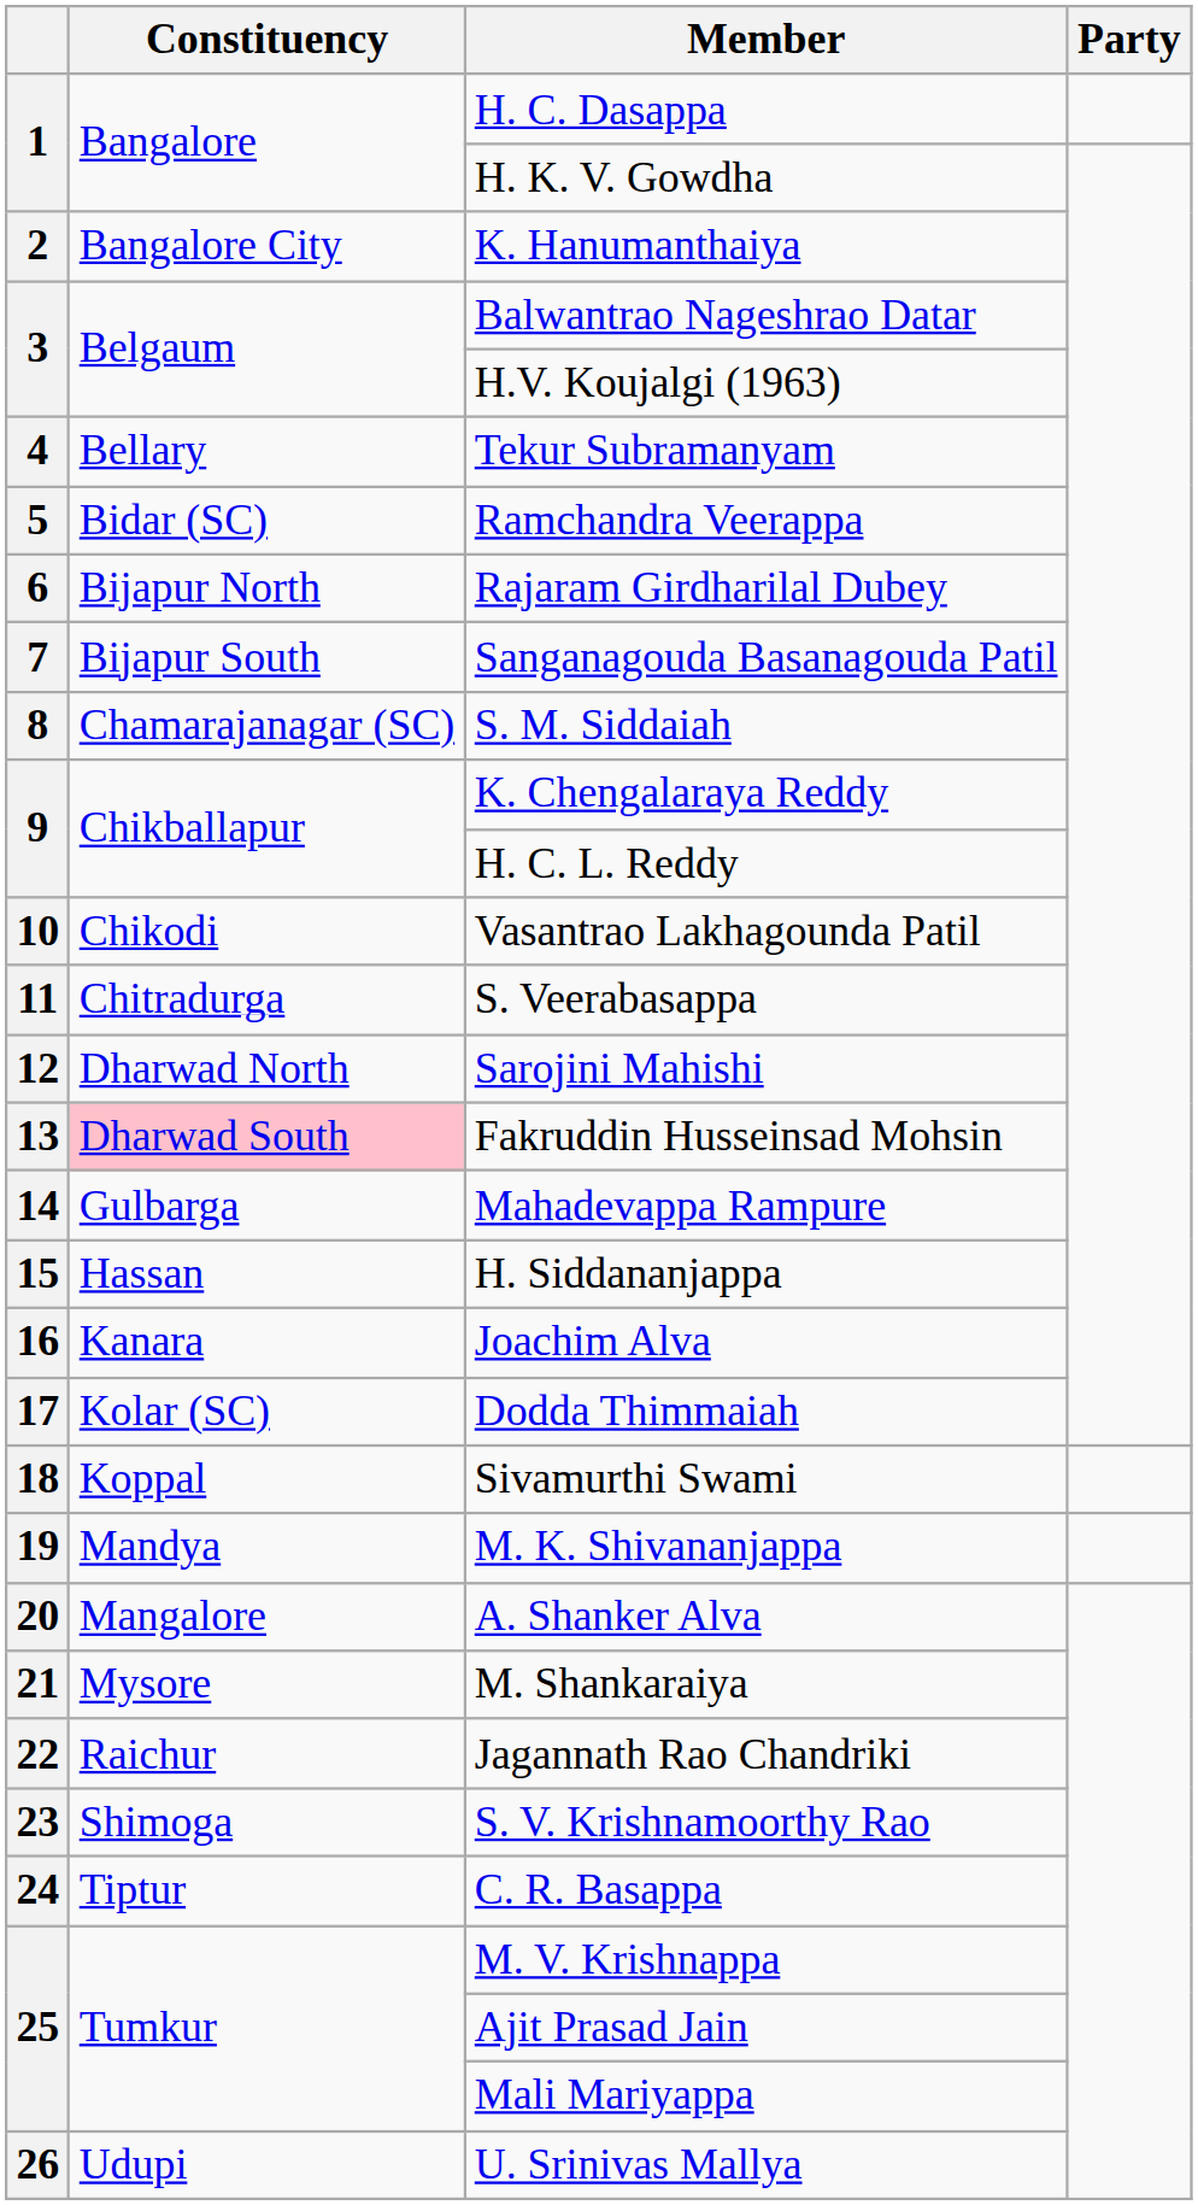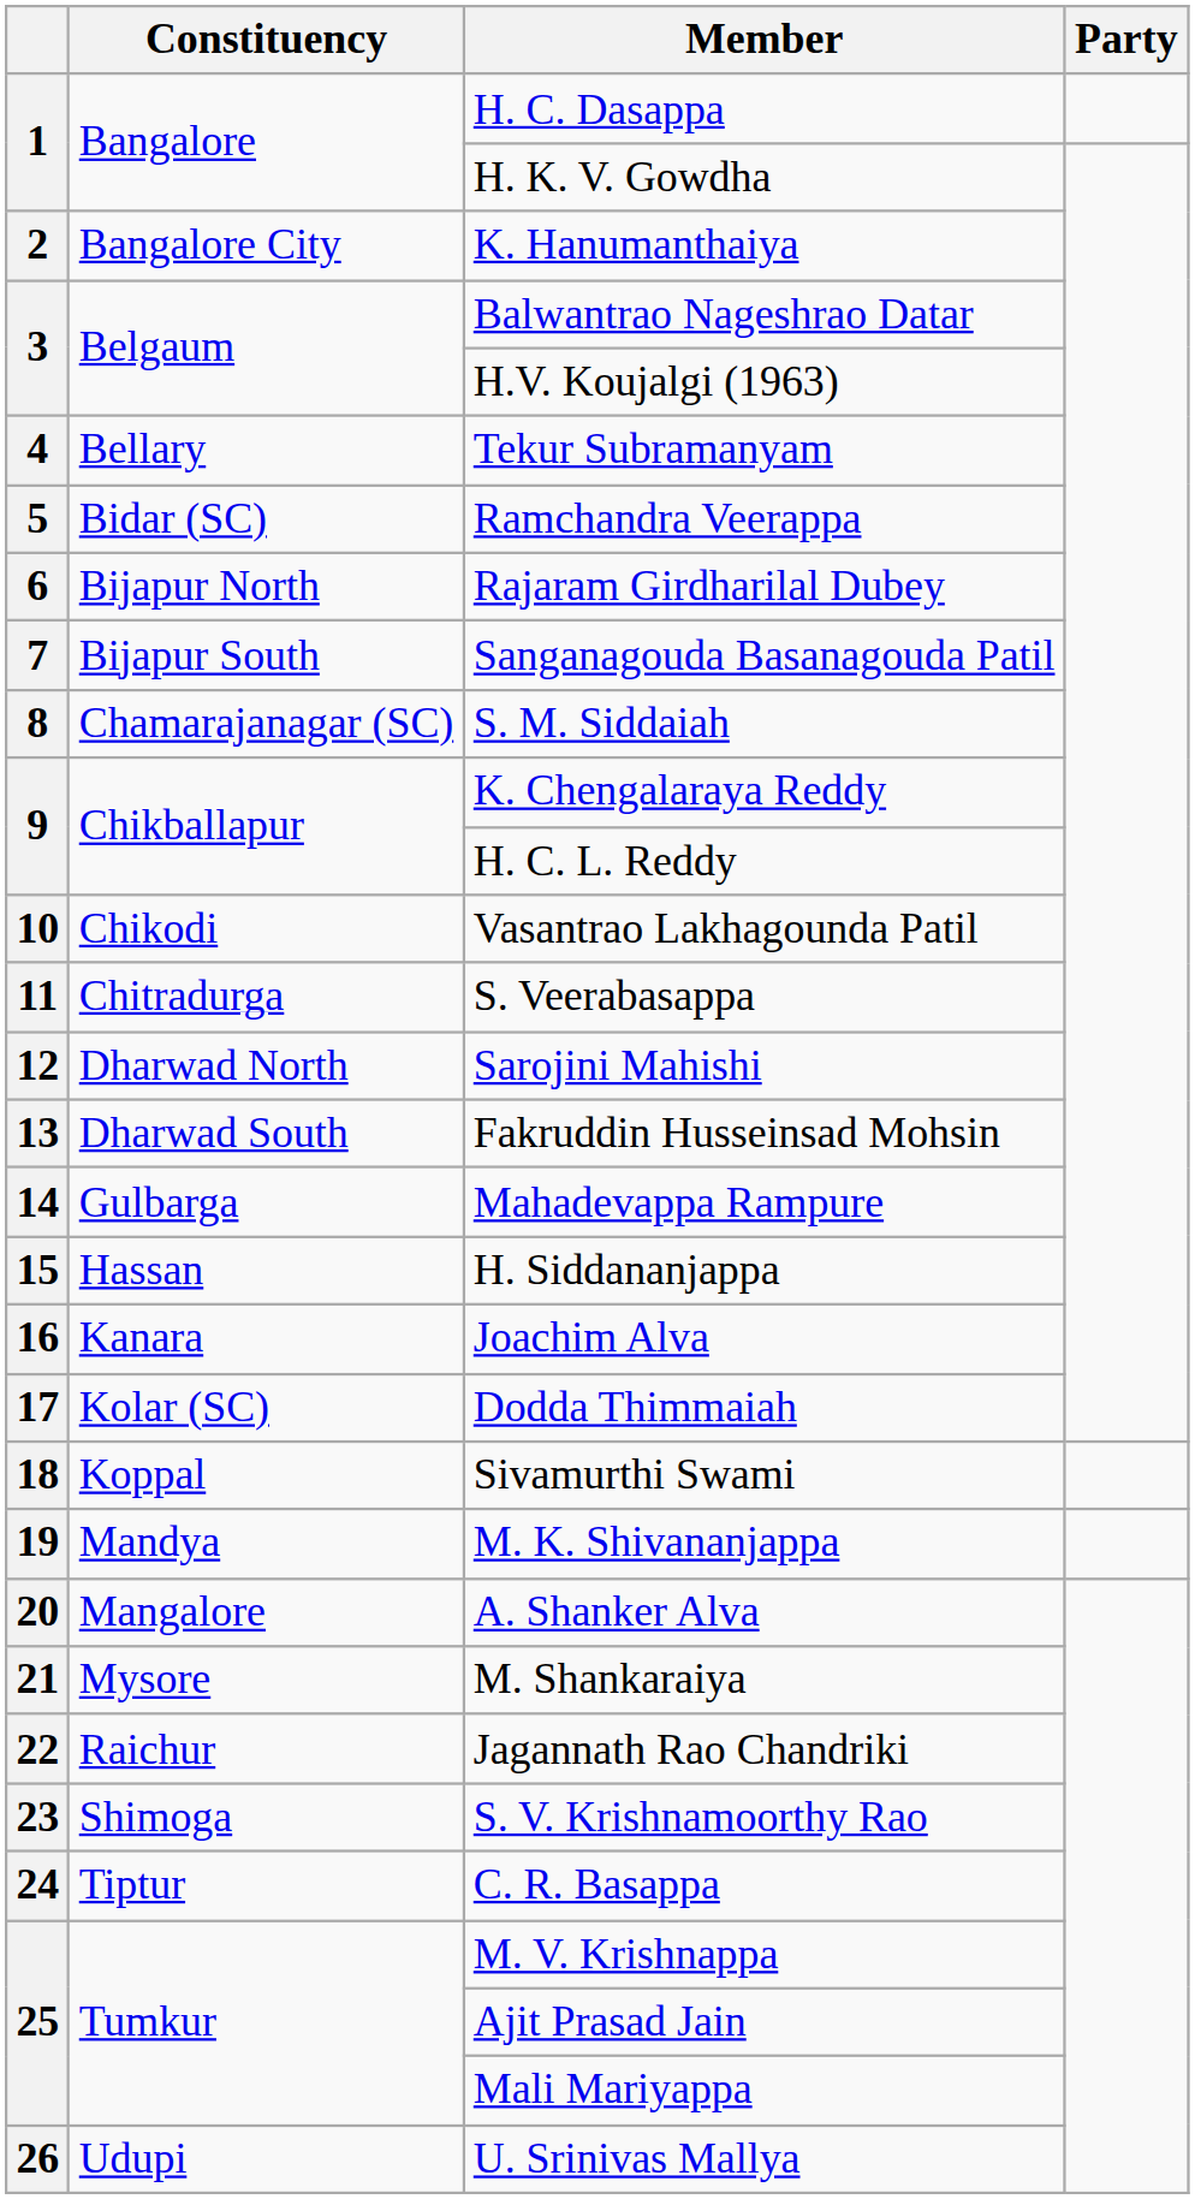 <table class="wikitable sortable">
 <tr>
 <th></th>
 <th>Constituency</th>
 <th>Member</th>
 <th colspan=2>Party</th>
 </tr>
 <tr>
 <th rowspan=2>1</th>
 <td rowspan=2><a href='#'>Bangalore</a></td>
 <td><a href='#'>H. C. Dasappa</a></td>
 <td></td>
 </tr>
 <tr>
 <td>H. K. V. Gowdha</td>
 </tr>
 <tr>
 <th>2</th>
 <td><a href='#'>Bangalore City</a></td>
 <td><a href='#'>K. Hanumanthaiya</a></td>
 </tr>
 <tr>
 <th rowspan=2>3</th>
 <td rowspan=2><a href='#'>Belgaum</a></td>
 <td><a href='#'>Balwantrao Nageshrao Datar</a></td>
 </tr>
 <tr>
 <td>H.V. Koujalgi (1963)</td>
 </tr>
 <tr>
 <th>4</th>
 <td><a href='#'>Bellary</a></td>
 <td><a href='#'>Tekur Subramanyam</a></td>
 </tr>
 <tr>
 <th>5</th>
 <td><a href='#'>Bidar (SC)</a></td>
 <td><a href='#'>Ramchandra Veerappa</a></td>
 </tr>
 <tr>
 <th>6</th>
 <td><a href='#'>Bijapur North</a></td>
 <td><a href='#'>Rajaram Girdharilal Dubey</a></td>
 </tr>
 <tr>
 <th>7</th>
 <td><a href='#'>Bijapur South</a></td>
 <td><a href='#'>Sanganagouda Basanagouda Patil</a></td>
 </tr>
 <tr>
 <th>8</th>
 <td><a href='#'>Chamarajanagar (SC)</a></td>
 <td><a href='#'>S. M. Siddaiah</a></td>
 </tr>
 <tr>
 <th rowspan=2>9</th>
 <td rowspan=2><a href='#'>Chikballapur</a></td>
 <td><a href='#'>K. Chengalaraya Reddy</a></td>
 </tr>
 <tr>
 <td>H. C. L. Reddy</td>
 </tr>
 <tr>
 <th>10</th>
 <td><a href='#'>Chikodi</a></td>
 <td>Vasantrao Lakhagounda Patil</td>
 </tr>
 <tr>
 <th>11</th>
 <td><a href='#'>Chitradurga</a></td>
 <td>S. Veerabasappa</td>
 </tr>
 <tr>
 <th>12</th>
 <td><a href='#'>Dharwad North</a></td>
 <td><a href='#'>Sarojini Mahishi</a></td>
 </tr>
 <tr>
 <th>13</th>
-<td style="background: pink;"><a href='#'>Dharwad South</a></td>
+<td><a href='#'>Dharwad South</a></td>
 <td>Fakruddin Husseinsad Mohsin</td>
 </tr>
 <tr>
 <th>14</th>
 <td><a href='#'>Gulbarga</a></td>
 <td><a href='#'>Mahadevappa Rampure</a></td>
 </tr>
 <tr>
 <th>15</th>
 <td><a href='#'>Hassan</a></td>
 <td>H. Siddananjappa</td>
 </tr>
 <tr>
 <th>16</th>
 <td><a href='#'>Kanara</a></td>
 <td><a href='#'>Joachim Alva</a></td>
 </tr>
 <tr>
 <th>17</th>
 <td><a href='#'>Kolar (SC)</a></td>
 <td><a href='#'>Dodda Thimmaiah</a></td>
 </tr>
 <tr>
 <th>18</th>
 <td><a href='#'>Koppal</a></td>
 <td>Sivamurthi Swami</td>
 <td></td>
 </tr>
 <tr>
 <th>19</th>
 <td><a href='#'>Mandya</a></td>
 <td><a href='#'>M. K. Shivananjappa</a></td>
 <td></td>
 </tr>
 <tr>
 <th>20</th>
 <td><a href='#'>Mangalore</a></td>
 <td><a href='#'>A. Shanker Alva</a></td>
 </tr>
 <tr>
 <th>21</th>
 <td><a href='#'>Mysore</a></td>
 <td>M. Shankaraiya</td>
 </tr>
 <tr>
 <th>22</th>
 <td><a href='#'>Raichur</a></td>
 <td>Jagannath Rao Chandriki</td>
 </tr>
 <tr>
 <th>23</th>
 <td><a href='#'>Shimoga</a></td>
 <td><a href='#'>S. V. Krishnamoorthy Rao</a></td>
 </tr>
 <tr>
 <th>24</th>
 <td><a href='#'>Tiptur</a></td>
 <td><a href='#'>C. R. Basappa</a></td>
 </tr>
 <tr>
 <th rowspan=3>25</th>
 <td rowspan=3><a href='#'>Tumkur</a></td>
 <td><a href='#'>M. V. Krishnappa</a></td>
 </tr>
 <tr>
 <td><a href='#'>Ajit Prasad Jain</a></td>
 </tr>
 <tr>
 <td><a href='#'>Mali Mariyappa</a></td>
 </tr>
 <tr>
 <th>26</th>
 <td><a href='#'>Udupi</a></td>
 <td><a href='#'>U. Srinivas Mallya</a></td>
 </tr>
 <tr>
 </tr>
 </table>
